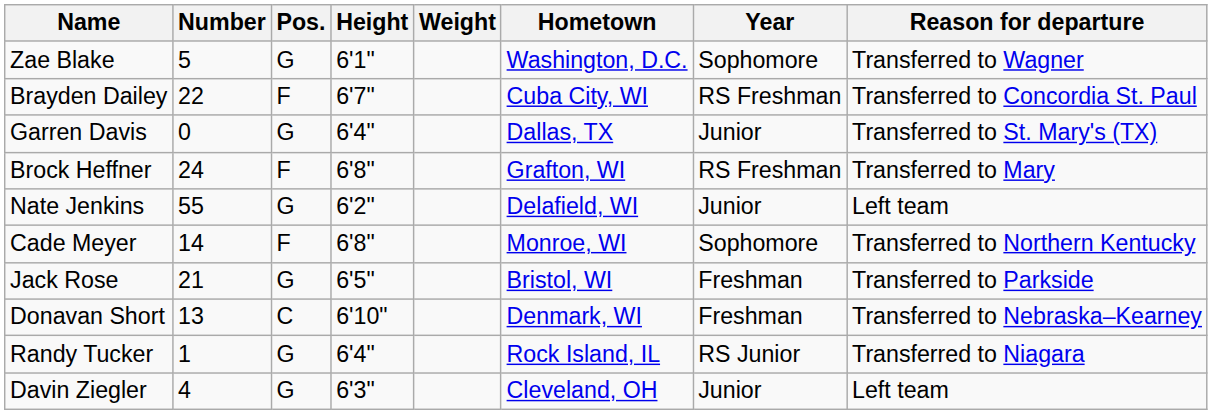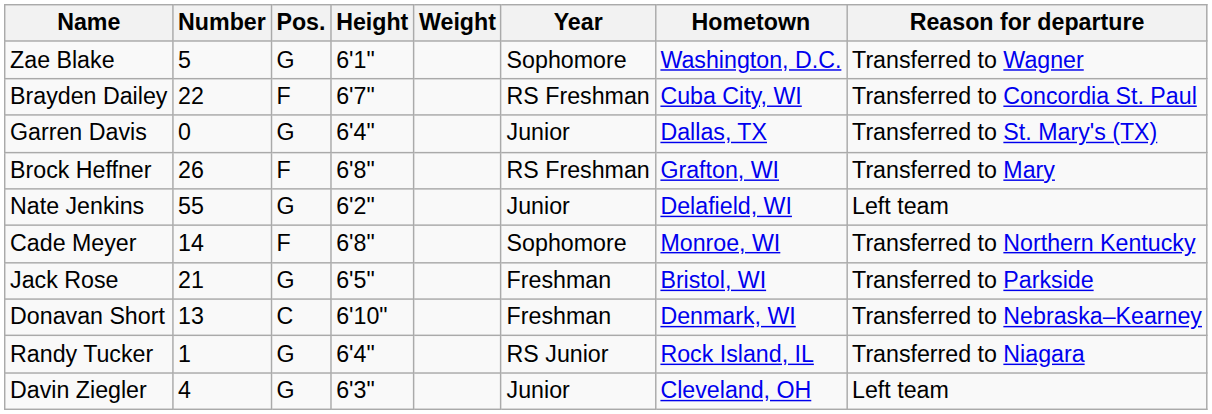 <table class="wikitable sortable" border="1">
 <tr>
 <th>Name</th>
 <th>Number</th>
 <th>Pos.</th>
 <th>Height</th>
 <th>Weight</th>
+<th>Year</th>
 <th>Hometown</th>
-<th>Year</th>
 <th>Reason for departure</th>
 </tr>
 <tr>
 <td>Zae Blake</td>
 <td>5</td>
 <td>G</td>
 <td>6'1"</td>
 <td></td>
+<td>Sophomore</td>
 <td><a href='#'>Washington, D.C.</a></td>
-<td>Sophomore</td>
 <td>Transferred to <a href='#'>Wagner</a></td>
 </tr>
 <tr>
 <td>Brayden Dailey</td>
 <td>22</td>
 <td>F</td>
 <td>6'7"</td>
 <td></td>
+<td>RS Freshman</td>
 <td><a href='#'>Cuba City, WI</a></td>
-<td>RS Freshman</td>
 <td>Transferred to <a href='#'>Concordia St. Paul</a></td>
 </tr>
 <tr>
 <td>Garren Davis</td>
 <td>0</td>
 <td>G</td>
 <td>6'4"</td>
 <td></td>
+<td>Junior</td>
 <td><a href='#'>Dallas, TX</a></td>
-<td>Junior</td>
 <td>Transferred to <a href='#'>St. Mary's (TX)</a></td>
 </tr>
 <tr>
 <td>Brock Heffner</td>
-<td>24</td>
+<td>26</td>
 <td>F</td>
 <td>6'8"</td>
 <td></td>
+<td>RS Freshman</td>
 <td><a href='#'>Grafton, WI</a></td>
-<td>RS Freshman</td>
 <td>Transferred to <a href='#'>Mary</a></td>
 </tr>
 <tr>
 <td>Nate Jenkins</td>
 <td>55</td>
 <td>G</td>
 <td>6'2"</td>
 <td></td>
+<td>Junior</td>
 <td><a href='#'>Delafield, WI</a></td>
-<td>Junior</td>
 <td>Left team</td>
 </tr>
 <tr>
 <td>Cade Meyer</td>
 <td>14</td>
 <td>F</td>
 <td>6'8"</td>
 <td></td>
+<td>Sophomore</td>
 <td><a href='#'>Monroe, WI</a></td>
-<td>Sophomore</td>
 <td>Transferred to <a href='#'>Northern Kentucky</a></td>
 </tr>
 <tr>
 <td>Jack Rose</td>
 <td>21</td>
 <td>G</td>
 <td>6'5"</td>
 <td></td>
+<td>Freshman</td>
 <td><a href='#'>Bristol, WI</a></td>
-<td>Freshman</td>
 <td>Transferred to <a href='#'>Parkside</a></td>
 </tr>
 <tr>
 <td>Donavan Short</td>
 <td>13</td>
 <td>C</td>
 <td>6'10"</td>
 <td></td>
+<td>Freshman</td>
 <td><a href='#'>Denmark, WI</a></td>
-<td>Freshman</td>
 <td>Transferred to <a href='#'>Nebraska–Kearney</a></td>
 </tr>
 <tr>
 <td>Randy Tucker</td>
 <td>1</td>
 <td>G</td>
 <td>6'4"</td>
 <td></td>
+<td>RS Junior</td>
 <td><a href='#'>Rock Island, IL</a></td>
-<td>RS Junior</td>
 <td>Transferred to <a href='#'>Niagara</a></td>
 </tr>
 <tr>
 <td>Davin Ziegler</td>
 <td>4</td>
 <td>G</td>
 <td>6'3"</td>
 <td></td>
+<td>Junior</td>
 <td><a href='#'>Cleveland, OH</a></td>
-<td>Junior</td>
 <td>Left team</td>
 </tr>
 </table>
